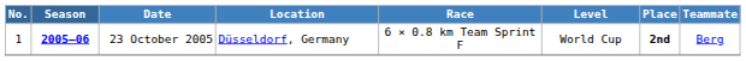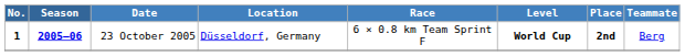 <table class="wikitable sortable" style="font-size:95%; text-align:center; border:grey solid 1px; border-collapse:collapse; background:#ffffff;">
 <tr style="background:#efefef;">
 <th style="background-color:#369; color:white;">No.</th>
 <th style="background-color:#369; color:white;">Season</th>
 <th style="background-color:#4180be; color:white; width:120px;">Date</th>
 <th style="background-color:#4180be; color:white; width:170px;">Location</th>
 <th style="background-color:#4180be; color:white; width:170px;">Race</th>
 <th style="background-color:#4180be; color:white; width:100px;">Level</th>
 <th style="background-color:#4180be; color:white;">Place</th>
 <th style="background-color:#4180be; color:white;">Teammate</th>
 </tr>
 <tr>
-<td align=center>1</td>
+<td align=center><strong>1</strong></td>
 <td rowspan=1 align=center><strong> <a href='#'>2005–06</a> </strong></td>
 <td align=right>23 October 2005</td>
 <td align=left> <a href='#'>Düsseldorf</a>, Germany</td>
 <td>6 × 0.8 km Team Sprint  F</td>
-<td>World Cup</td>
+<td><strong>World Cup</strong></td>
 <td><strong>2nd</strong></td>
 <td><a href='#'>Berg</a></td>
 </tr>
 <tr>
 </tr>
 </table>
